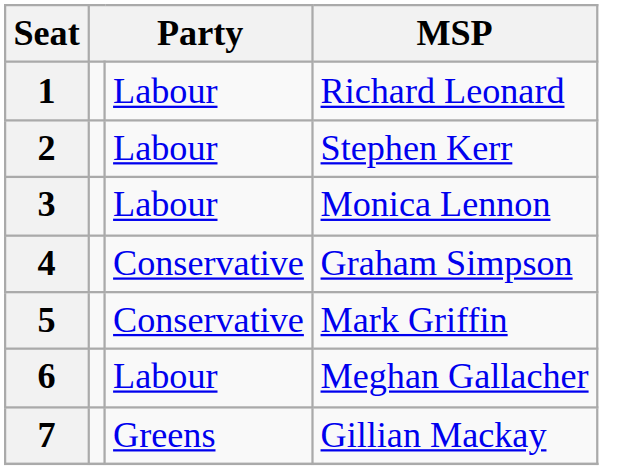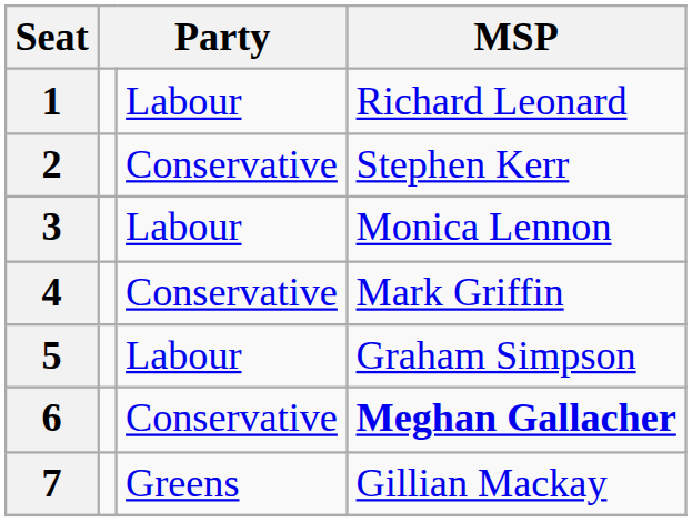 <table class="wikitable sortable">
 <tr>
 <th>Seat</th>
 <th colspan=2>Party</th>
 <th>MSP</th>
 </tr>
 <tr>
 <th>1</th>
 <td style="color:inherit;background:"></td>
 <td><a href='#'>Labour</a></td>
 <td><a href='#'>Richard Leonard</a></td>
 </tr>
 <tr>
 <th>2</th>
 <td style="color:inherit;background:"></td>
-<td><a href='#'>Labour</a></td>
+<td><a href='#'>Conservative</a></td>
 <td><a href='#'>Stephen Kerr</a></td>
 </tr>
 <tr>
 <th>3</th>
 <td style="color:inherit;background:"></td>
 <td><a href='#'>Labour</a></td>
 <td><a href='#'>Monica Lennon</a></td>
 </tr>
 <tr>
 <th>4</th>
 <td style="color:inherit;background:"></td>
 <td><a href='#'>Conservative</a></td>
-<td><a href='#'>Graham Simpson</a></td>
+<td><a href='#'>Mark Griffin</a></td>
 </tr>
 <tr>
 <th>5</th>
 <td style="color:inherit;background:"></td>
-<td><a href='#'>Conservative</a></td>
-<td><a href='#'>Mark Griffin</a></td>
+<td><a href='#'>Labour</a></td>
+<td><a href='#'>Graham Simpson</a></td>
 </tr>
 <tr>
 <th>6</th>
 <td style="color:inherit;background:"></td>
-<td><a href='#'>Labour</a></td>
-<td><a href='#'>Meghan Gallacher</a></td>
+<td><a href='#'>Conservative</a></td>
+<td><strong><a href='#'>Meghan Gallacher</a></strong></td>
 </tr>
 <tr>
 <th>7</th>
 <td style="color:inherit;background:"></td>
 <td><a href='#'>Greens</a></td>
 <td><a href='#'>Gillian Mackay</a></td>
 </tr>
 <tr>
 </tr>
 </table>
